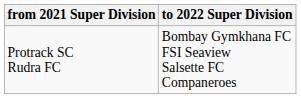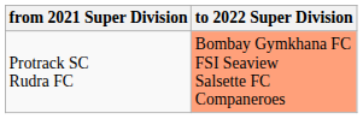 <table class="wikitable">
 <tr>
 <th> from 2021 Super Division</th>
 <th> to 2022 Super Division</th>
 </tr>
 <tr>
 <td>Protrack SC<br>Rudra FC</td>
-<td>Bombay Gymkhana FC<br>FSI Seaview<br>Salsette FC<br>Companeroes</td>
+<td style="background: lightsalmon;">Bombay Gymkhana FC<br>FSI Seaview<br>Salsette FC<br>Companeroes</td>
 </tr>
 </table>
